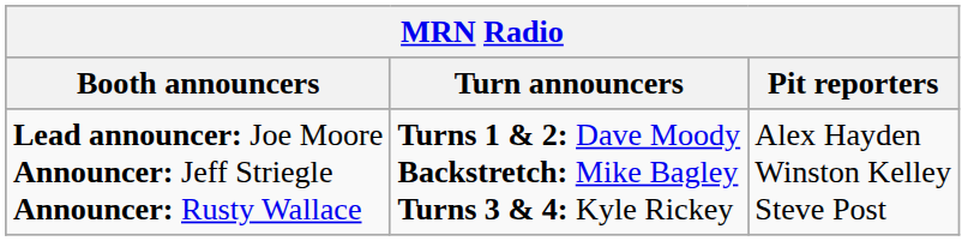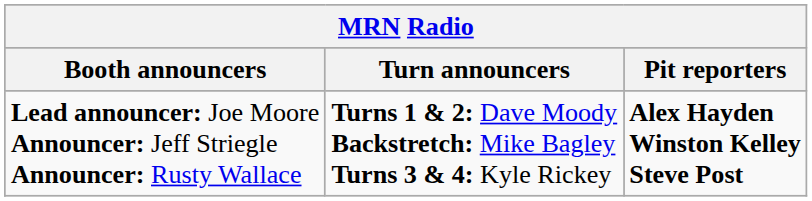 <table class="wikitable" style="font-size: 95%">
 <tr>
 <th colspan="3"><a href='#'>MRN</a> <a href='#'>Radio</a></th>
 </tr>
 <tr>
 <th>Booth announcers</th>
 <th>Turn announcers</th>
 <th>Pit reporters</th>
 </tr>
 <tr>
 <td><strong>Lead announcer:</strong> Joe Moore<br><strong>Announcer:</strong> Jeff Striegle<br><strong>Announcer:</strong> <a href='#'>Rusty Wallace</a></td>
 <td><strong>Turns 1 & 2:</strong> <a href='#'>Dave Moody</a><br><strong>Backstretch:</strong> <a href='#'>Mike Bagley</a><br><strong>Turns 3 & 4:</strong> Kyle Rickey</td>
-<td>Alex Hayden<br>Winston Kelley<br>Steve Post</td>
+<td><strong>Alex Hayden<br>Winston Kelley<br>Steve Post</strong></td>
 </tr>
 </table>
